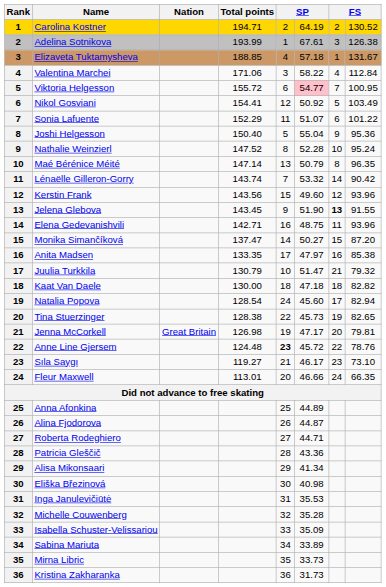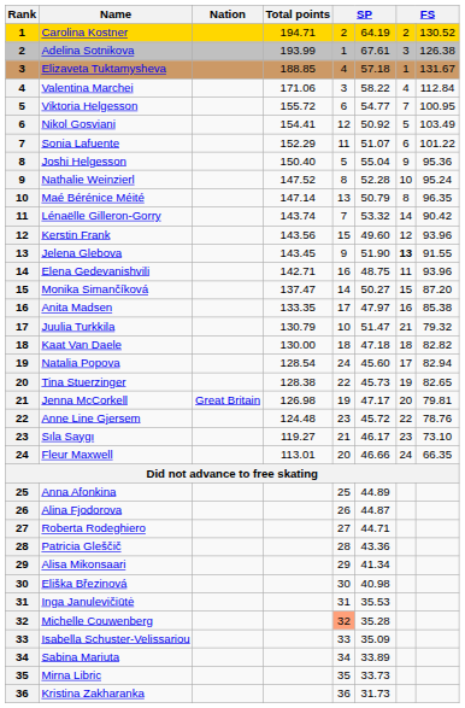 <table class="wikitable sortable">
 <tr>
 <th>Rank</th>
 <th>Name</th>
 <th>Nation</th>
 <th>Total points</th>
 <th colspan="2" width="80px"><a href='#'>SP</a></th>
 <th colspan="2" width="80px"><a href='#'>FS</a></th>
 </tr>
 <tr bgcolor="gold">
 <td align="center"><strong>1</strong></td>
 <td><a href='#'>Carolina Kostner</a></td>
 <td></td>
 <td align="center">194.71</td>
 <td align="center">2</td>
 <td align="center">64.19</td>
 <td align="center">2</td>
 <td align="center">130.52</td>
 </tr>
 <tr bgcolor="silver">
 <td align="center"><strong>2</strong></td>
 <td><a href='#'>Adelina Sotnikova</a></td>
 <td></td>
 <td align="center">193.99</td>
 <td align="center">1</td>
 <td align="center">67.61</td>
 <td align="center">3</td>
 <td align="center">126.38</td>
 </tr>
 <tr bgcolor="cc9966">
 <td align="center"><strong>3</strong></td>
 <td><a href='#'>Elizaveta Tuktamysheva</a></td>
 <td></td>
 <td align="center">188.85</td>
 <td align="center">4</td>
 <td align="center">57.18</td>
 <td align="center">1</td>
 <td align="center">131.67</td>
 </tr>
 <tr>
 <th>4</th>
 <td><a href='#'>Valentina Marchei</a></td>
 <td></td>
 <td align="center">171.06</td>
 <td align="center">3</td>
 <td align="center">58.22</td>
 <td align="center">4</td>
 <td align="center">112.84</td>
 </tr>
 <tr>
 <th>5</th>
 <td><a href='#'>Viktoria Helgesson</a></td>
 <td></td>
 <td align="center">155.72</td>
 <td align="center">6</td>
-<td align="center" style="background: pink;">54.77</td>
+<td align="center">54.77</td>
 <td align="center">7</td>
 <td align="center">100.95</td>
 </tr>
 <tr>
 <th>6</th>
 <td><a href='#'>Nikol Gosviani</a></td>
 <td></td>
 <td align="center">154.41</td>
 <td align="center">12</td>
 <td align="center">50.92</td>
 <td align="center">5</td>
 <td align="center">103.49</td>
 </tr>
 <tr>
 <th>7</th>
 <td><a href='#'>Sonia Lafuente</a></td>
 <td></td>
 <td align="center">152.29</td>
 <td align="center">11</td>
 <td align="center">51.07</td>
 <td align="center">6</td>
 <td align="center">101.22</td>
 </tr>
 <tr>
 <th>8</th>
 <td><a href='#'>Joshi Helgesson</a></td>
 <td></td>
 <td align="center">150.40</td>
 <td align="center">5</td>
 <td align="center">55.04</td>
 <td align="center">9</td>
 <td align="center">95.36</td>
 </tr>
 <tr>
 <th>9</th>
 <td><a href='#'>Nathalie Weinzierl</a></td>
 <td></td>
 <td align="center">147.52</td>
 <td align="center">8</td>
 <td align="center">52.28</td>
 <td align="center">10</td>
 <td align="center">95.24</td>
 </tr>
 <tr>
 <th>10</th>
 <td><a href='#'>Maé Bérénice Méité</a></td>
 <td></td>
 <td align="center">147.14</td>
 <td align="center">13</td>
 <td align="center">50.79</td>
 <td align="center">8</td>
 <td align="center">96.35</td>
 </tr>
 <tr>
 <th>11</th>
 <td><a href='#'>Lénaëlle Gilleron-Gorry</a></td>
 <td></td>
 <td align="center">143.74</td>
 <td align="center">7</td>
 <td align="center">53.32</td>
 <td align="center">14</td>
 <td align="center">90.42</td>
 </tr>
 <tr>
 <th>12</th>
 <td><a href='#'>Kerstin Frank</a></td>
 <td></td>
 <td align="center">143.56</td>
 <td align="center">15</td>
 <td align="center">49.60</td>
 <td align="center">12</td>
 <td align="center">93.96</td>
 </tr>
 <tr>
 <th>13</th>
 <td><a href='#'>Jelena Glebova</a></td>
 <td></td>
 <td align="center">143.45</td>
 <td align="center">9</td>
 <td align="center">51.90</td>
 <td align="center"><strong>13</strong></td>
 <td align="center">91.55</td>
 </tr>
 <tr>
 <th>14</th>
 <td><a href='#'>Elena Gedevanishvili</a></td>
 <td></td>
 <td align="center">142.71</td>
 <td align="center">16</td>
 <td align="center">48.75</td>
 <td align="center">11</td>
 <td align="center">93.96</td>
 </tr>
 <tr>
 <th>15</th>
 <td><a href='#'>Monika Simančíková</a></td>
 <td></td>
 <td align="center">137.47</td>
 <td align="center">14</td>
 <td align="center">50.27</td>
 <td align="center">15</td>
 <td align="center">87.20</td>
 </tr>
 <tr>
 <th>16</th>
 <td><a href='#'>Anita Madsen</a></td>
 <td></td>
 <td align="center">133.35</td>
 <td align="center">17</td>
 <td align="center">47.97</td>
 <td align="center">16</td>
 <td align="center">85.38</td>
 </tr>
 <tr>
 <th>17</th>
 <td><a href='#'>Juulia Turkkila</a></td>
 <td></td>
 <td align="center">130.79</td>
 <td align="center">10</td>
 <td align="center">51.47</td>
 <td align="center">21</td>
 <td align="center">79.32</td>
 </tr>
 <tr>
 <th>18</th>
 <td><a href='#'>Kaat Van Daele</a></td>
 <td></td>
 <td align="center">130.00</td>
 <td align="center">18</td>
 <td align="center">47.18</td>
 <td align="center">18</td>
 <td align="center">82.82</td>
 </tr>
 <tr>
 <th>19</th>
 <td><a href='#'>Natalia Popova</a></td>
 <td></td>
 <td align="center">128.54</td>
 <td align="center">24</td>
 <td align="center">45.60</td>
 <td align="center">17</td>
 <td align="center">82.94</td>
 </tr>
 <tr>
 <th>20</th>
 <td><a href='#'>Tina Stuerzinger</a></td>
 <td></td>
 <td align="center">128.38</td>
 <td align="center">22</td>
 <td align="center">45.73</td>
 <td align="center">19</td>
 <td align="center">82.65</td>
 </tr>
 <tr>
 <th>21</th>
 <td><a href='#'>Jenna McCorkell</a></td>
 <td> <a href='#'>Great Britain</a></td>
 <td align="center">126.98</td>
 <td align="center">19</td>
 <td align="center">47.17</td>
 <td align="center">20</td>
 <td align="center">79.81</td>
 </tr>
 <tr>
 <th>22</th>
 <td><a href='#'>Anne Line Gjersem</a></td>
 <td></td>
 <td align="center">124.48</td>
-<td align="center"><strong>23</strong></td>
+<td align="center">23</td>
 <td align="center">45.72</td>
 <td align="center">22</td>
 <td align="center">78.76</td>
 </tr>
 <tr>
 <th>23</th>
 <td><a href='#'>Sıla Saygı</a></td>
 <td></td>
 <td align="center">119.27</td>
 <td align="center">21</td>
 <td align="center">46.17</td>
 <td align="center">23</td>
 <td align="center">73.10</td>
 </tr>
 <tr>
 <th>24</th>
 <td><a href='#'>Fleur Maxwell</a></td>
 <td></td>
 <td align="center">113.01</td>
 <td align="center">20</td>
 <td align="center">46.66</td>
 <td align="center">24</td>
 <td align="center">66.35</td>
 </tr>
 <tr>
 <th colspan=8>Did not advance to free skating</th>
 </tr>
 <tr>
 <th>25</th>
 <td><a href='#'>Anna Afonkina</a></td>
 <td></td>
 <td></td>
 <td align="center">25</td>
 <td align="center">44.89</td>
 <td></td>
 <td></td>
 </tr>
 <tr>
 <th>26</th>
 <td><a href='#'>Alina Fjodorova</a></td>
 <td></td>
 <td></td>
 <td align="center">26</td>
 <td align="center">44.87</td>
 <td></td>
 <td></td>
 </tr>
 <tr>
 <th>27</th>
 <td><a href='#'>Roberta Rodeghiero</a></td>
 <td></td>
 <td></td>
 <td align="center">27</td>
 <td align="center">44.71</td>
 <td></td>
 <td></td>
 </tr>
 <tr>
 <th>28</th>
 <td><a href='#'>Patricia Gleščič</a></td>
 <td></td>
 <td></td>
 <td align="center">28</td>
 <td align="center">43.36</td>
 <td></td>
 <td></td>
 </tr>
 <tr>
 <th>29</th>
 <td><a href='#'>Alisa Mikonsaari</a></td>
 <td></td>
 <td></td>
 <td align="center">29</td>
 <td align="center">41.34</td>
 <td></td>
 <td></td>
 </tr>
 <tr>
 <th>30</th>
 <td><a href='#'>Eliška Březinová</a></td>
 <td></td>
 <td></td>
 <td align="center">30</td>
 <td align="center">40.98</td>
 <td></td>
 <td></td>
 </tr>
 <tr>
 <th>31</th>
 <td><a href='#'>Inga Janulevičiūtė</a></td>
 <td></td>
 <td></td>
 <td align="center">31</td>
 <td align="center">35.53</td>
 <td></td>
 <td></td>
 </tr>
 <tr>
 <th>32</th>
 <td><a href='#'>Michelle Couwenberg</a></td>
 <td></td>
 <td></td>
-<td align="center">32</td>
+<td align="center" style="background: lightsalmon;">32</td>
 <td align="center">35.28</td>
 <td></td>
 <td></td>
 </tr>
 <tr>
 <th>33</th>
 <td><a href='#'>Isabella Schuster-Velissariou</a></td>
 <td></td>
 <td></td>
 <td align="center">33</td>
 <td align="center">35.09</td>
 <td></td>
 <td></td>
 </tr>
 <tr>
 <th>34</th>
 <td><a href='#'>Sabina Mariuta</a></td>
 <td></td>
 <td></td>
 <td align="center">34</td>
 <td align="center">33.89</td>
 <td></td>
 <td></td>
 </tr>
 <tr>
 <th>35</th>
 <td><a href='#'>Mirna Libric</a></td>
 <td></td>
 <td></td>
 <td align="center">35</td>
 <td align="center">33.73</td>
 <td></td>
 <td></td>
 </tr>
 <tr>
 <th>36</th>
 <td><a href='#'>Kristina Zakharanka</a></td>
 <td></td>
 <td></td>
 <td align="center">36</td>
 <td align="center">31.73</td>
 <td></td>
 <td></td>
 </tr>
 </table>
